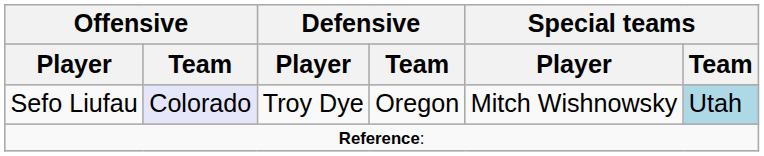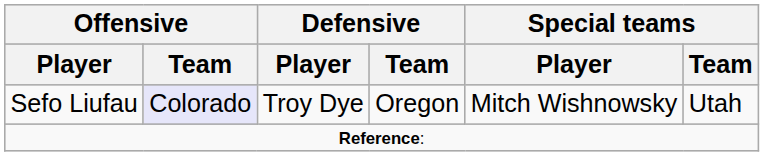 <table class="wikitable">
 <tr>
 <th colspan="2">Offensive</th>
 <th colspan="2">Defensive</th>
 <th colspan="2">Special teams</th>
 </tr>
 <tr>
 <th>Player</th>
 <th>Team</th>
 <th>Player</th>
 <th>Team</th>
 <th>Player</th>
 <th>Team</th>
 </tr>
 <tr>
 <td>Sefo Liufau</td>
 <td style="background: lavender;">Colorado</td>
 <td>Troy Dye</td>
 <td>Oregon</td>
 <td>Mitch Wishnowsky</td>
-<td style="background: lightblue;">Utah</td>
+<td>Utah</td>
 </tr>
 <tr>
 <td colspan="12"  style="font-size:8pt; text-align:center;"><strong>Reference</strong>:</td>
 </tr>
 </table>
